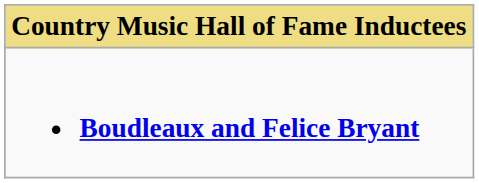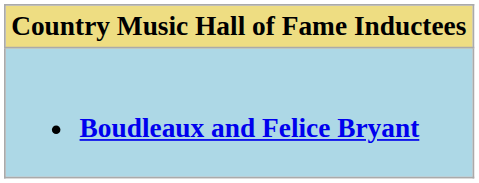 <table class="wikitable">
 <tr>
 <th style="background:#EEDD82; width=50%">Country Music Hall of Fame Inductees</th>
 </tr>
 <tr>
-<td valign="top"><br><ul><li><strong><a href='#'>Boudleaux and Felice Bryant</a></strong></li></ul></td>
+<td valign="top" style="background: lightblue;"><br><ul><li><strong><a href='#'>Boudleaux and Felice Bryant</a></strong></li></ul></td>
 </tr>
 </table>
